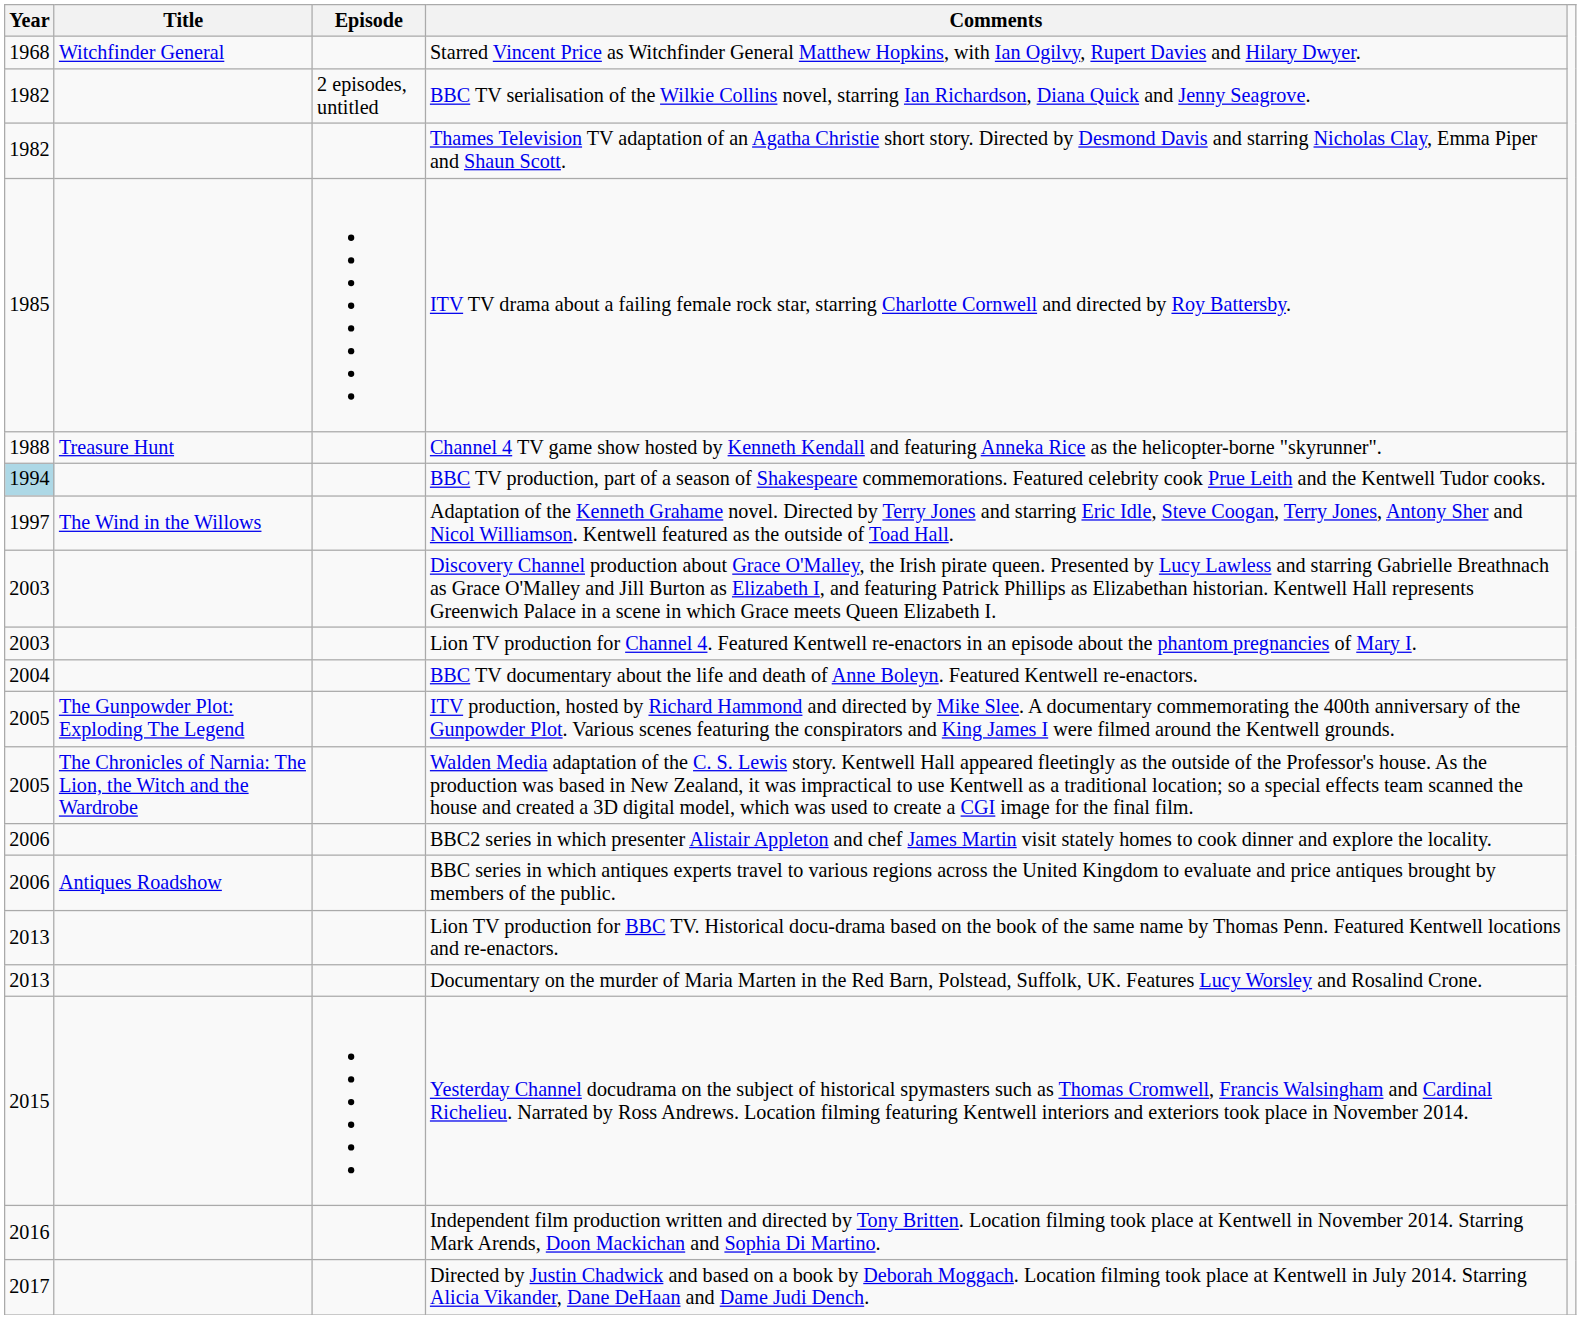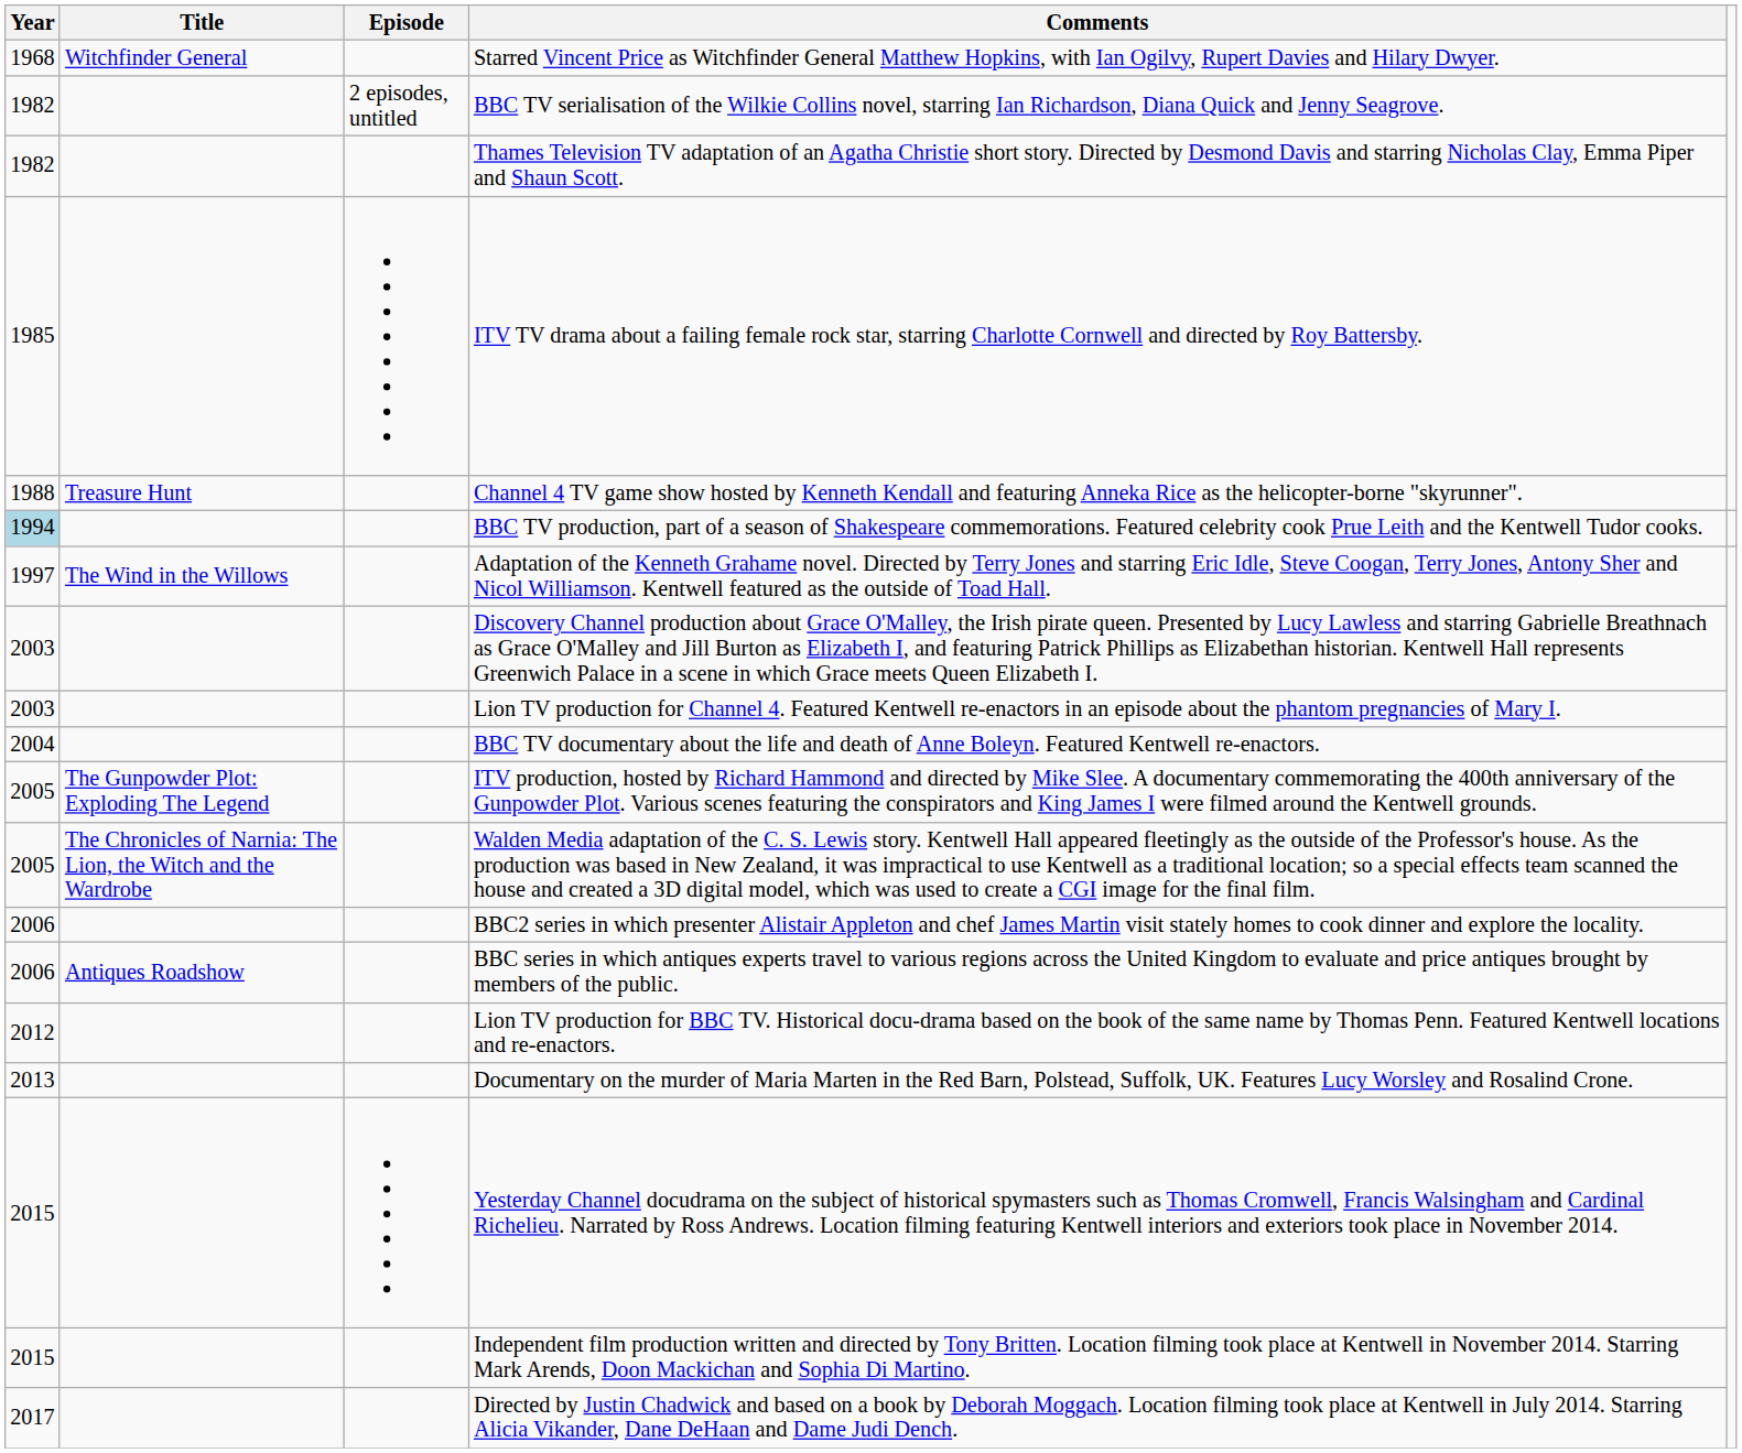 <table class="wikitable">
 <tr>
 <th>Year</th>
 <th>Title</th>
 <th>Episode</th>
 <th>Comments</th>
 </tr>
 <tr>
 <td>1968</td>
 <td><a href='#'>Witchfinder General</a></td>
 <td></td>
 <td>Starred <a href='#'>Vincent Price</a> as Witchfinder General <a href='#'>Matthew Hopkins</a>, with <a href='#'>Ian Ogilvy</a>, <a href='#'>Rupert Davies</a> and <a href='#'>Hilary Dwyer</a>.</td>
 </tr>
 <tr>
 <td>1982</td>
 <td></td>
 <td>2 episodes, untitled</td>
 <td><a href='#'>BBC</a> TV serialisation of the <a href='#'>Wilkie Collins</a> novel, starring <a href='#'>Ian Richardson</a>, <a href='#'>Diana Quick</a> and <a href='#'>Jenny Seagrove</a>.</td>
 </tr>
 <tr>
 <td>1982</td>
 <td></td>
 <td></td>
 <td><a href='#'>Thames Television</a> TV adaptation of an <a href='#'>Agatha Christie</a> short story. Directed by <a href='#'>Desmond Davis</a> and starring <a href='#'>Nicholas Clay</a>, Emma Piper and <a href='#'>Shaun Scott</a>.</td>
 </tr>
 <tr>
 <td>1985</td>
 <td></td>
 <td><br><ul><li></li><li></li><li></li><li></li><li></li><li></li><li></li><li></li></ul></td>
 <td><a href='#'>ITV</a> TV drama about a failing female rock star, starring <a href='#'>Charlotte Cornwell</a> and directed by <a href='#'>Roy Battersby</a>.</td>
 </tr>
 <tr>
 <td>1988</td>
 <td><a href='#'>Treasure Hunt</a></td>
 <td></td>
 <td><a href='#'>Channel 4</a> TV game show hosted by <a href='#'>Kenneth Kendall</a> and featuring <a href='#'>Anneka Rice</a> as the helicopter-borne "skyrunner".</td>
 </tr>
 <tr>
 <td style="background: lightblue;">1994</td>
 <td></td>
 <td></td>
 <td><a href='#'>BBC</a> TV production, part of a season of <a href='#'>Shakespeare</a> commemorations.  Featured celebrity cook <a href='#'>Prue Leith</a> and the Kentwell Tudor cooks.</td>
 <td></td>
 </tr>
 <tr>
 <td>1997</td>
 <td><a href='#'>The Wind in the Willows</a></td>
 <td></td>
 <td>Adaptation of the <a href='#'>Kenneth Grahame</a> novel. Directed by <a href='#'>Terry Jones</a> and starring <a href='#'>Eric Idle</a>, <a href='#'>Steve Coogan</a>, <a href='#'>Terry Jones</a>, <a href='#'>Antony Sher</a> and <a href='#'>Nicol Williamson</a>. Kentwell featured as the outside of <a href='#'>Toad Hall</a>.</td>
 </tr>
 <tr>
 <td>2003</td>
 <td></td>
 <td></td>
 <td><a href='#'>Discovery Channel</a> production about <a href='#'>Grace O'Malley</a>, the Irish pirate queen. Presented by <a href='#'>Lucy Lawless</a> and starring Gabrielle Breathnach as Grace O'Malley and Jill Burton as <a href='#'>Elizabeth I</a>, and featuring Patrick Phillips as Elizabethan historian. Kentwell Hall represents Greenwich Palace in a scene in which Grace meets Queen Elizabeth I.</td>
 </tr>
 <tr>
 <td>2003</td>
 <td></td>
 <td></td>
 <td>Lion TV production for <a href='#'>Channel 4</a>.  Featured Kentwell re-enactors in an episode about the <a href='#'>phantom pregnancies</a> of <a href='#'>Mary I</a>.</td>
 </tr>
 <tr>
 <td>2004</td>
 <td></td>
 <td></td>
 <td><a href='#'>BBC</a> TV documentary about the life and death of <a href='#'>Anne Boleyn</a>. Featured Kentwell re-enactors.</td>
 </tr>
 <tr>
 <td>2005</td>
 <td><a href='#'>The Gunpowder Plot: Exploding The Legend</a></td>
 <td></td>
 <td><a href='#'>ITV</a> production, hosted by <a href='#'>Richard Hammond</a> and directed by <a href='#'>Mike Slee</a>. A documentary commemorating the 400th anniversary of the <a href='#'>Gunpowder Plot</a>. Various scenes featuring the conspirators and <a href='#'>King James I</a> were filmed around the Kentwell grounds.</td>
 </tr>
 <tr>
 <td>2005</td>
 <td><a href='#'>The Chronicles of Narnia: The Lion, the Witch and the Wardrobe</a></td>
 <td></td>
 <td><a href='#'>Walden Media</a> adaptation of the <a href='#'>C. S. Lewis</a> story. Kentwell Hall appeared fleetingly as the outside of the Professor's house.  As the production was based in New Zealand, it was impractical to use Kentwell as a traditional location; so a special effects team scanned the house and created a 3D digital model, which was used to create a <a href='#'>CGI</a> image for the final film.</td>
 </tr>
 <tr>
 <td>2006</td>
 <td></td>
 <td></td>
 <td>BBC2 series in which presenter <a href='#'>Alistair Appleton</a> and chef <a href='#'>James Martin</a> visit stately homes to cook dinner and explore the locality.</td>
 </tr>
 <tr>
 <td>2006</td>
 <td><a href='#'>Antiques Roadshow</a></td>
 <td></td>
 <td>BBC series in which antiques experts travel to various regions across the United Kingdom to evaluate and price antiques brought by members of the public.</td>
 </tr>
 <tr>
-<td>2013</td>
+<td>2012</td>
 <td></td>
 <td></td>
 <td>Lion TV production for <a href='#'>BBC</a> TV.  Historical docu-drama based on the book of the same name by Thomas Penn. Featured Kentwell locations and re-enactors.</td>
 </tr>
 <tr>
 <td>2013</td>
 <td></td>
 <td></td>
 <td>Documentary on the murder of Maria Marten in the Red Barn, Polstead, Suffolk, UK. Features <a href='#'>Lucy Worsley</a> and Rosalind Crone.</td>
 </tr>
 <tr>
 <td>2015</td>
 <td></td>
 <td><br><ul><li></li><li></li><li></li><li></li><li></li><li></li></ul></td>
 <td><a href='#'>Yesterday Channel</a> docudrama on the subject of historical spymasters such as <a href='#'>Thomas Cromwell</a>, <a href='#'>Francis Walsingham</a> and <a href='#'>Cardinal Richelieu</a>. Narrated by  Ross Andrews.  Location filming featuring Kentwell interiors and exteriors took place in November 2014.</td>
 </tr>
 <tr>
-<td>2016</td>
+<td>2015</td>
 <td></td>
 <td></td>
 <td>Independent film production written and directed by <a href='#'>Tony Britten</a>. Location filming took place at Kentwell in November 2014. Starring Mark Arends, <a href='#'>Doon Mackichan</a> and <a href='#'>Sophia Di Martino</a>.</td>
 </tr>
 <tr>
 <td>2017</td>
 <td></td>
 <td></td>
 <td>Directed by <a href='#'>Justin Chadwick</a> and based on a book by <a href='#'>Deborah Moggach</a>. Location filming took place at Kentwell in July 2014. Starring <a href='#'>Alicia Vikander</a>, <a href='#'>Dane DeHaan</a> and <a href='#'>Dame Judi Dench</a>.</td>
 </tr>
 </table>
